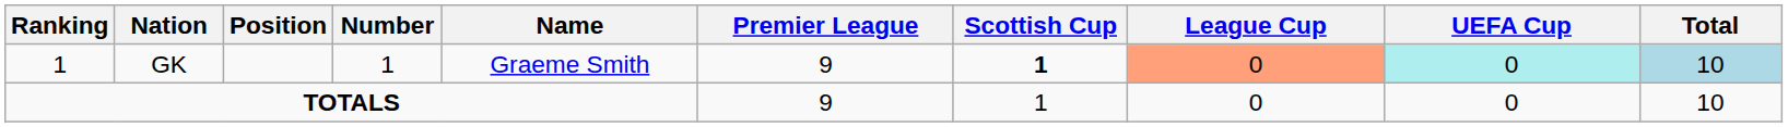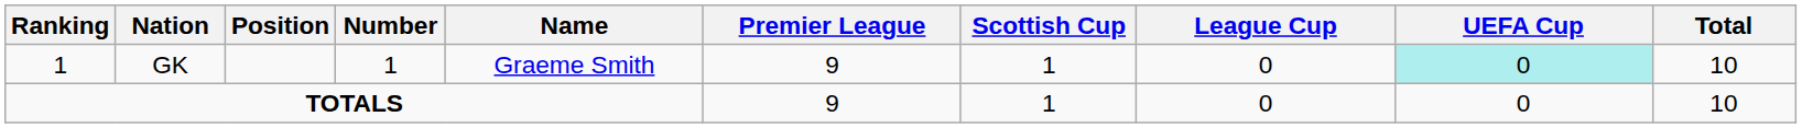 <table class="wikitable" style="font-size: 95%; text-align: center;">
 <tr>
 <th width=60>Ranking</th>
 <th width=60>Nation</th>
 <th width=60>Position</th>
 <th width=60>Number</th>
 <th width=150>Name</th>
 <th width=150><a href='#'>Premier League</a></th>
 <th width=100><a href='#'>Scottish Cup</a></th>
 <th width=150><a href='#'>League Cup</a></th>
 <th width=150><a href='#'>UEFA Cup</a></th>
 <th width=80>Total</th>
 </tr>
 <tr>
 <td>1</td>
 <td>GK</td>
 <td></td>
 <td>1</td>
 <td><a href='#'>Graeme Smith</a></td>
 <td>9</td>
-<td><strong>1</strong></td>
-<td style="background: lightsalmon;">0</td>
+<td>1</td>
+<td>0</td>
 <td style="background: paleturquoise;">0</td>
-<td style="background: lightblue;">10</td>
+<td>10</td>
 </tr>
 <tr>
 <td colspan="5"><strong>TOTALS</strong></td>
 <td>9</td>
 <td>1</td>
 <td>0</td>
 <td>0</td>
 <td>10</td>
 </tr>
 </table>
